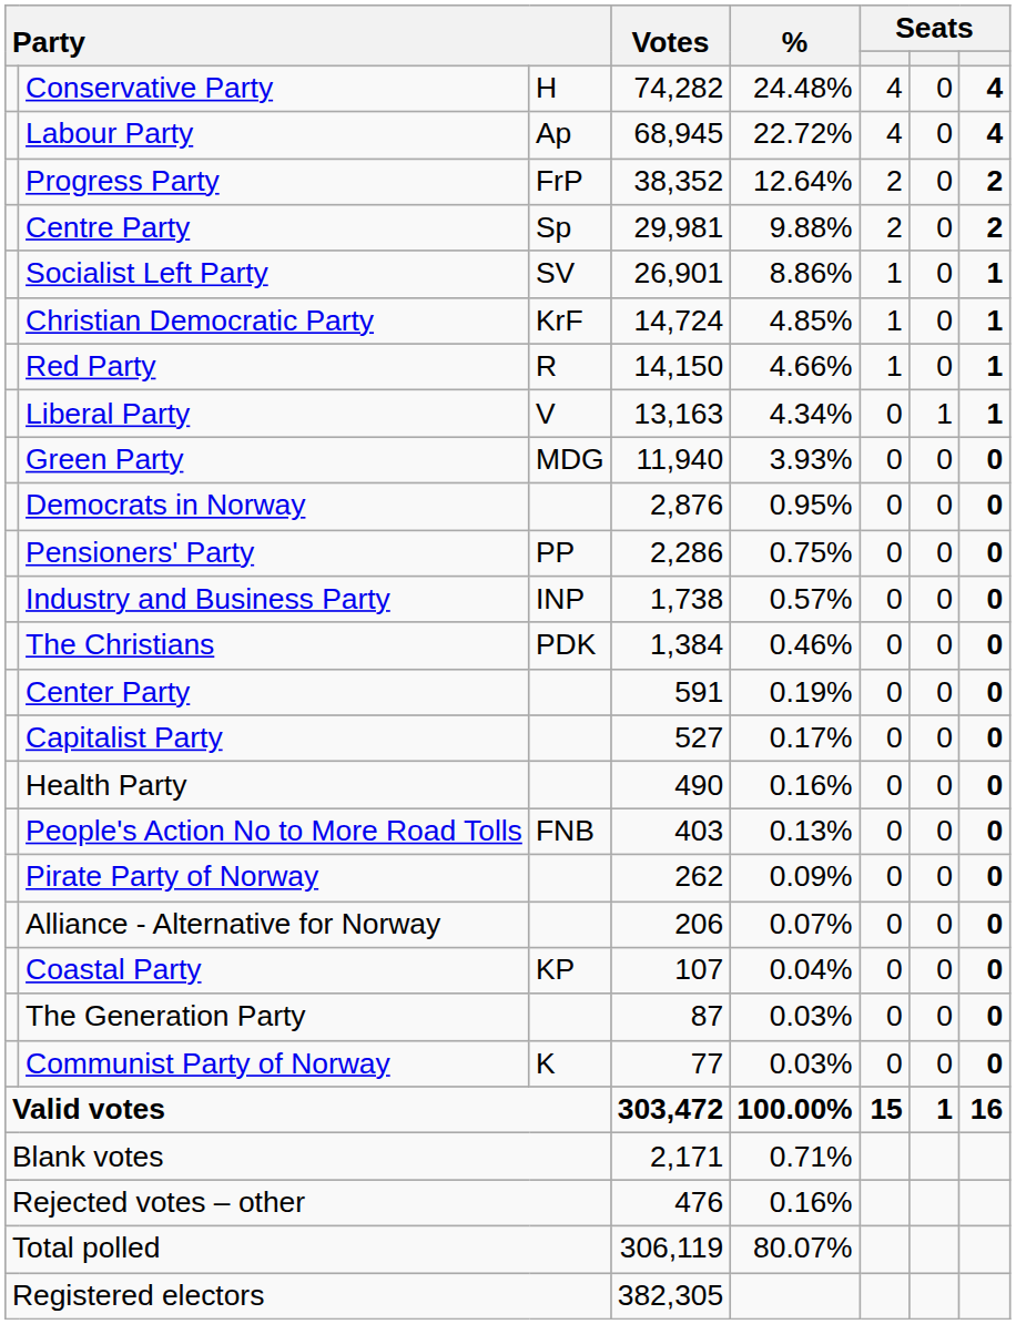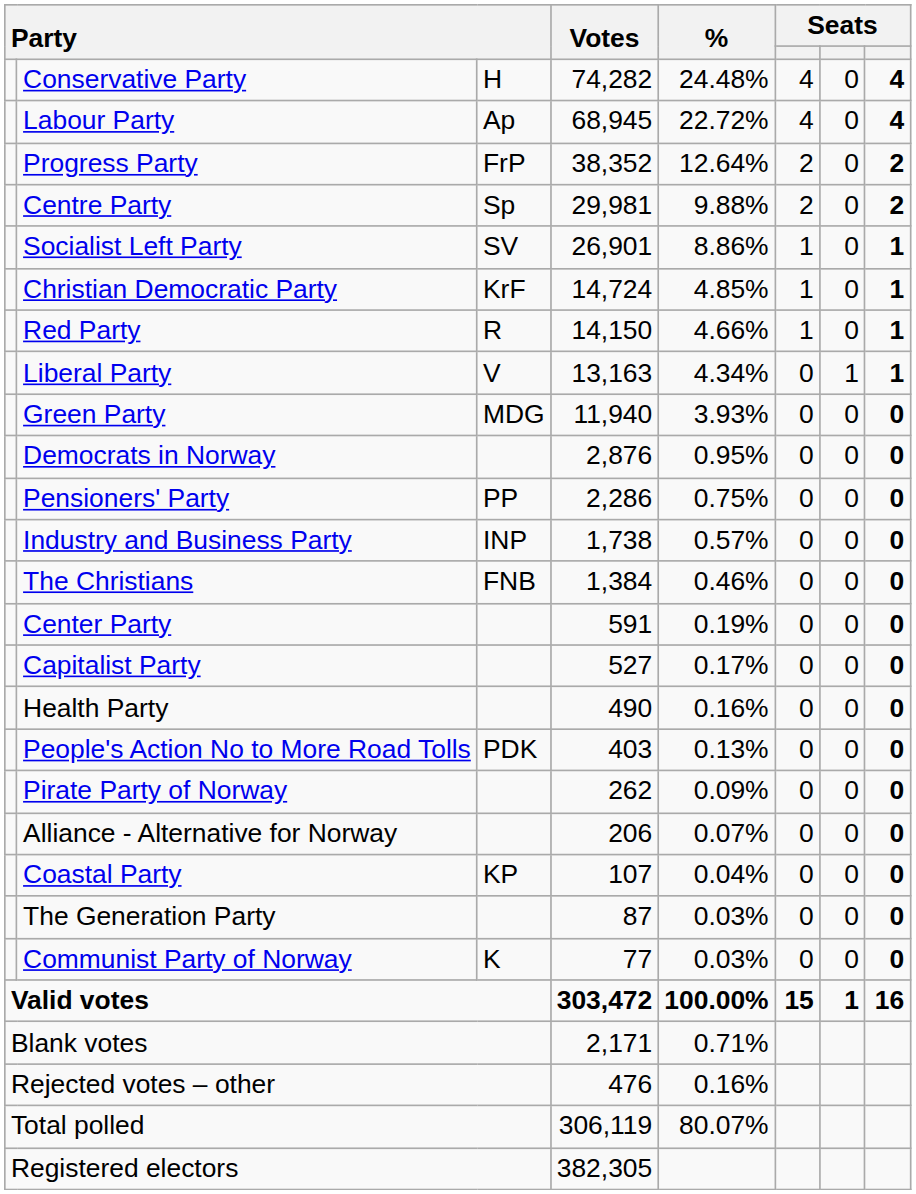 <table class="wikitable" border="1" style="text-align:right;">
 <tr>
 <th style="text-align:left;" valign=bottom rowspan=2 colspan=3>Party</th>
 <th align=center valign=bottom rowspan=2 width="50">Votes</th>
 <th align=center valign=bottom rowspan=2 width="50">%</th>
 <th colspan=3>Seats</th>
 </tr>
 <tr>
 <th align=center valign=bottom width="20"><small></small></th>
 <th align=center valign=bottom width="20"><small><a href='#'></a></small></th>
 <th align=center valign=bottom width="20"><small></small></th>
 </tr>
 <tr>
 <td style="color:inherit;background:"></td>
 <td align=left><a href='#'>Conservative Party</a></td>
 <td align=left>H</td>
 <td>74,282</td>
 <td>24.48%</td>
 <td>4</td>
 <td>0</td>
 <td><strong>4</strong></td>
 </tr>
 <tr>
 <td style="color:inherit;background:"></td>
 <td align=left><a href='#'>Labour Party</a></td>
 <td align=left>Ap</td>
 <td>68,945</td>
 <td>22.72%</td>
 <td>4</td>
 <td>0</td>
 <td><strong>4</strong></td>
 </tr>
 <tr>
 <td style="color:inherit;background:"></td>
 <td align=left><a href='#'>Progress Party</a></td>
 <td align=left>FrP</td>
 <td>38,352</td>
 <td>12.64%</td>
 <td>2</td>
 <td>0</td>
 <td><strong>2</strong></td>
 </tr>
 <tr>
 <td style="color:inherit;background:"></td>
 <td align=left><a href='#'>Centre Party</a></td>
 <td align=left>Sp</td>
 <td>29,981</td>
 <td>9.88%</td>
 <td>2</td>
 <td>0</td>
 <td><strong>2</strong></td>
 </tr>
 <tr>
 <td style="color:inherit;background:"></td>
 <td align=left><a href='#'>Socialist Left Party</a></td>
 <td align=left>SV</td>
 <td>26,901</td>
 <td>8.86%</td>
 <td>1</td>
 <td>0</td>
 <td><strong>1</strong></td>
 </tr>
 <tr>
 <td style="color:inherit;background:"></td>
 <td align=left><a href='#'>Christian Democratic Party</a></td>
 <td align=left>KrF</td>
 <td>14,724</td>
 <td>4.85%</td>
 <td>1</td>
 <td>0</td>
 <td><strong>1</strong></td>
 </tr>
 <tr>
 <td style="color:inherit;background:"></td>
 <td align=left><a href='#'>Red Party</a></td>
 <td align=left>R</td>
 <td>14,150</td>
 <td>4.66%</td>
 <td>1</td>
 <td>0</td>
 <td><strong>1</strong></td>
 </tr>
 <tr>
 <td style="color:inherit;background:"></td>
 <td align=left><a href='#'>Liberal Party</a></td>
 <td align=left>V</td>
 <td>13,163</td>
 <td>4.34%</td>
 <td>0</td>
 <td>1</td>
 <td><strong>1</strong></td>
 </tr>
 <tr>
 <td style="color:inherit;background:"></td>
 <td align=left><a href='#'>Green Party</a></td>
 <td align=left>MDG</td>
 <td>11,940</td>
 <td>3.93%</td>
 <td>0</td>
 <td>0</td>
 <td><strong>0</strong></td>
 </tr>
 <tr>
 <td style="color:inherit;background:"></td>
 <td align=left><a href='#'>Democrats in Norway</a></td>
 <td align=left></td>
 <td>2,876</td>
 <td>0.95%</td>
 <td>0</td>
 <td>0</td>
 <td><strong>0</strong></td>
 </tr>
 <tr>
 <td style="color:inherit;background:"></td>
 <td align=left><a href='#'>Pensioners' Party</a></td>
 <td align=left>PP</td>
 <td>2,286</td>
 <td>0.75%</td>
 <td>0</td>
 <td>0</td>
 <td><strong>0</strong></td>
 </tr>
 <tr>
 <td style="color:inherit;background:"></td>
 <td align=left><a href='#'>Industry and Business Party</a></td>
 <td align=left>INP</td>
 <td>1,738</td>
 <td>0.57%</td>
 <td>0</td>
 <td>0</td>
 <td><strong>0</strong></td>
 </tr>
 <tr>
 <td style="color:inherit;background:"></td>
 <td align=left><a href='#'>The Christians</a></td>
-<td align=left>PDK</td>
+<td align=left>FNB</td>
 <td>1,384</td>
 <td>0.46%</td>
 <td>0</td>
 <td>0</td>
 <td><strong>0</strong></td>
 </tr>
 <tr>
 <td style="color:inherit;background:"></td>
 <td align=left><a href='#'>Center Party</a></td>
 <td align=left></td>
 <td>591</td>
 <td>0.19%</td>
 <td>0</td>
 <td>0</td>
 <td><strong>0</strong></td>
 </tr>
 <tr>
 <td style="color:inherit;background:"></td>
 <td align=left><a href='#'>Capitalist Party</a></td>
 <td align=left></td>
 <td>527</td>
 <td>0.17%</td>
 <td>0</td>
 <td>0</td>
 <td><strong>0</strong></td>
 </tr>
 <tr>
 <td></td>
 <td align=left>Health Party</td>
 <td align=left></td>
 <td>490</td>
 <td>0.16%</td>
 <td>0</td>
 <td>0</td>
 <td><strong>0</strong></td>
 </tr>
 <tr>
 <td style="color:inherit;background:"></td>
 <td align=left><a href='#'>People's Action No to More Road Tolls</a></td>
-<td align=left>FNB</td>
+<td align=left>PDK</td>
 <td>403</td>
 <td>0.13%</td>
 <td>0</td>
 <td>0</td>
 <td><strong>0</strong></td>
 </tr>
 <tr>
 <td style="color:inherit;background:"></td>
 <td align=left><a href='#'>Pirate Party of Norway</a></td>
 <td align=left></td>
 <td>262</td>
 <td>0.09%</td>
 <td>0</td>
 <td>0</td>
 <td><strong>0</strong></td>
 </tr>
 <tr>
 <td></td>
 <td align=left>Alliance - Alternative for Norway</td>
 <td align=left></td>
 <td>206</td>
 <td>0.07%</td>
 <td>0</td>
 <td>0</td>
 <td><strong>0</strong></td>
 </tr>
 <tr>
 <td style="color:inherit;background:"></td>
 <td align=left><a href='#'>Coastal Party</a></td>
 <td align=left>KP</td>
 <td>107</td>
 <td>0.04%</td>
 <td>0</td>
 <td>0</td>
 <td><strong>0</strong></td>
 </tr>
 <tr>
 <td></td>
 <td align=left>The Generation Party</td>
 <td align=left></td>
 <td>87</td>
 <td>0.03%</td>
 <td>0</td>
 <td>0</td>
 <td><strong>0</strong></td>
 </tr>
 <tr>
 <td style="color:inherit;background:"></td>
 <td align=left><a href='#'>Communist Party of Norway</a></td>
 <td align=left>K</td>
 <td>77</td>
 <td>0.03%</td>
 <td>0</td>
 <td>0</td>
 <td><strong>0</strong></td>
 </tr>
 <tr style="font-weight:bold">
 <td align=left colspan=3>Valid votes</td>
 <td>303,472</td>
 <td>100.00%</td>
 <td>15</td>
 <td>1</td>
 <td>16</td>
 </tr>
 <tr>
 <td align=left colspan=3>Blank votes</td>
 <td>2,171</td>
 <td>0.71%</td>
 <td></td>
 <td></td>
 <td></td>
 </tr>
 <tr>
 <td align=left colspan=3>Rejected votes – other</td>
 <td>476</td>
 <td>0.16%</td>
 <td></td>
 <td></td>
 <td></td>
 </tr>
 <tr>
 <td align=left colspan=3>Total polled</td>
 <td>306,119</td>
 <td>80.07%</td>
 <td></td>
 <td></td>
 <td></td>
 </tr>
 <tr>
 <td align=left colspan=3>Registered electors</td>
 <td>382,305</td>
 <td></td>
 <td></td>
 <td></td>
 <td></td>
 </tr>
 </table>
